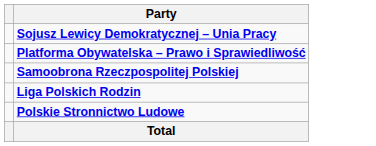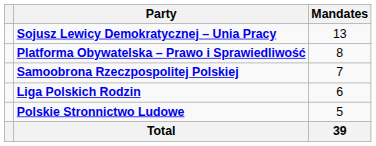 <table class="wikitable">
 <tr>
 <th width=5></th>
 <th>Party</th>
+<th>Mandates</th>
 </tr>
 <tr>
 <td style="background:"></td>
 <td><strong><a href='#'>Sojusz Lewicy Demokratycznej – Unia Pracy</a></strong></td>
+<td align="center">13</td>
 </tr>
 <tr>
 <td style="background:"></td>
 <td><strong><a href='#'>Platforma Obywatelska – Prawo i Sprawiedliwość</a></strong></td>
+<td align="center">8</td>
 </tr>
 <tr>
 <td style="background:"></td>
 <td><strong><a href='#'>Samoobrona Rzeczpospolitej Polskiej</a></strong></td>
+<td align="center">7</td>
 </tr>
 <tr>
 <td style="background:"></td>
 <td><strong><a href='#'>Liga Polskich Rodzin</a></strong></td>
+<td align="center">6</td>
 </tr>
 <tr>
 <td style="background:"></td>
 <td><strong><a href='#'>Polskie Stronnictwo Ludowe</a></strong></td>
+<td align="center">5</td>
 </tr>
 <tr bgcolor="#ececec">
 <th></th>
 <th>Total</th>
+<th align="center">39</th>
 </tr>
 </table>
